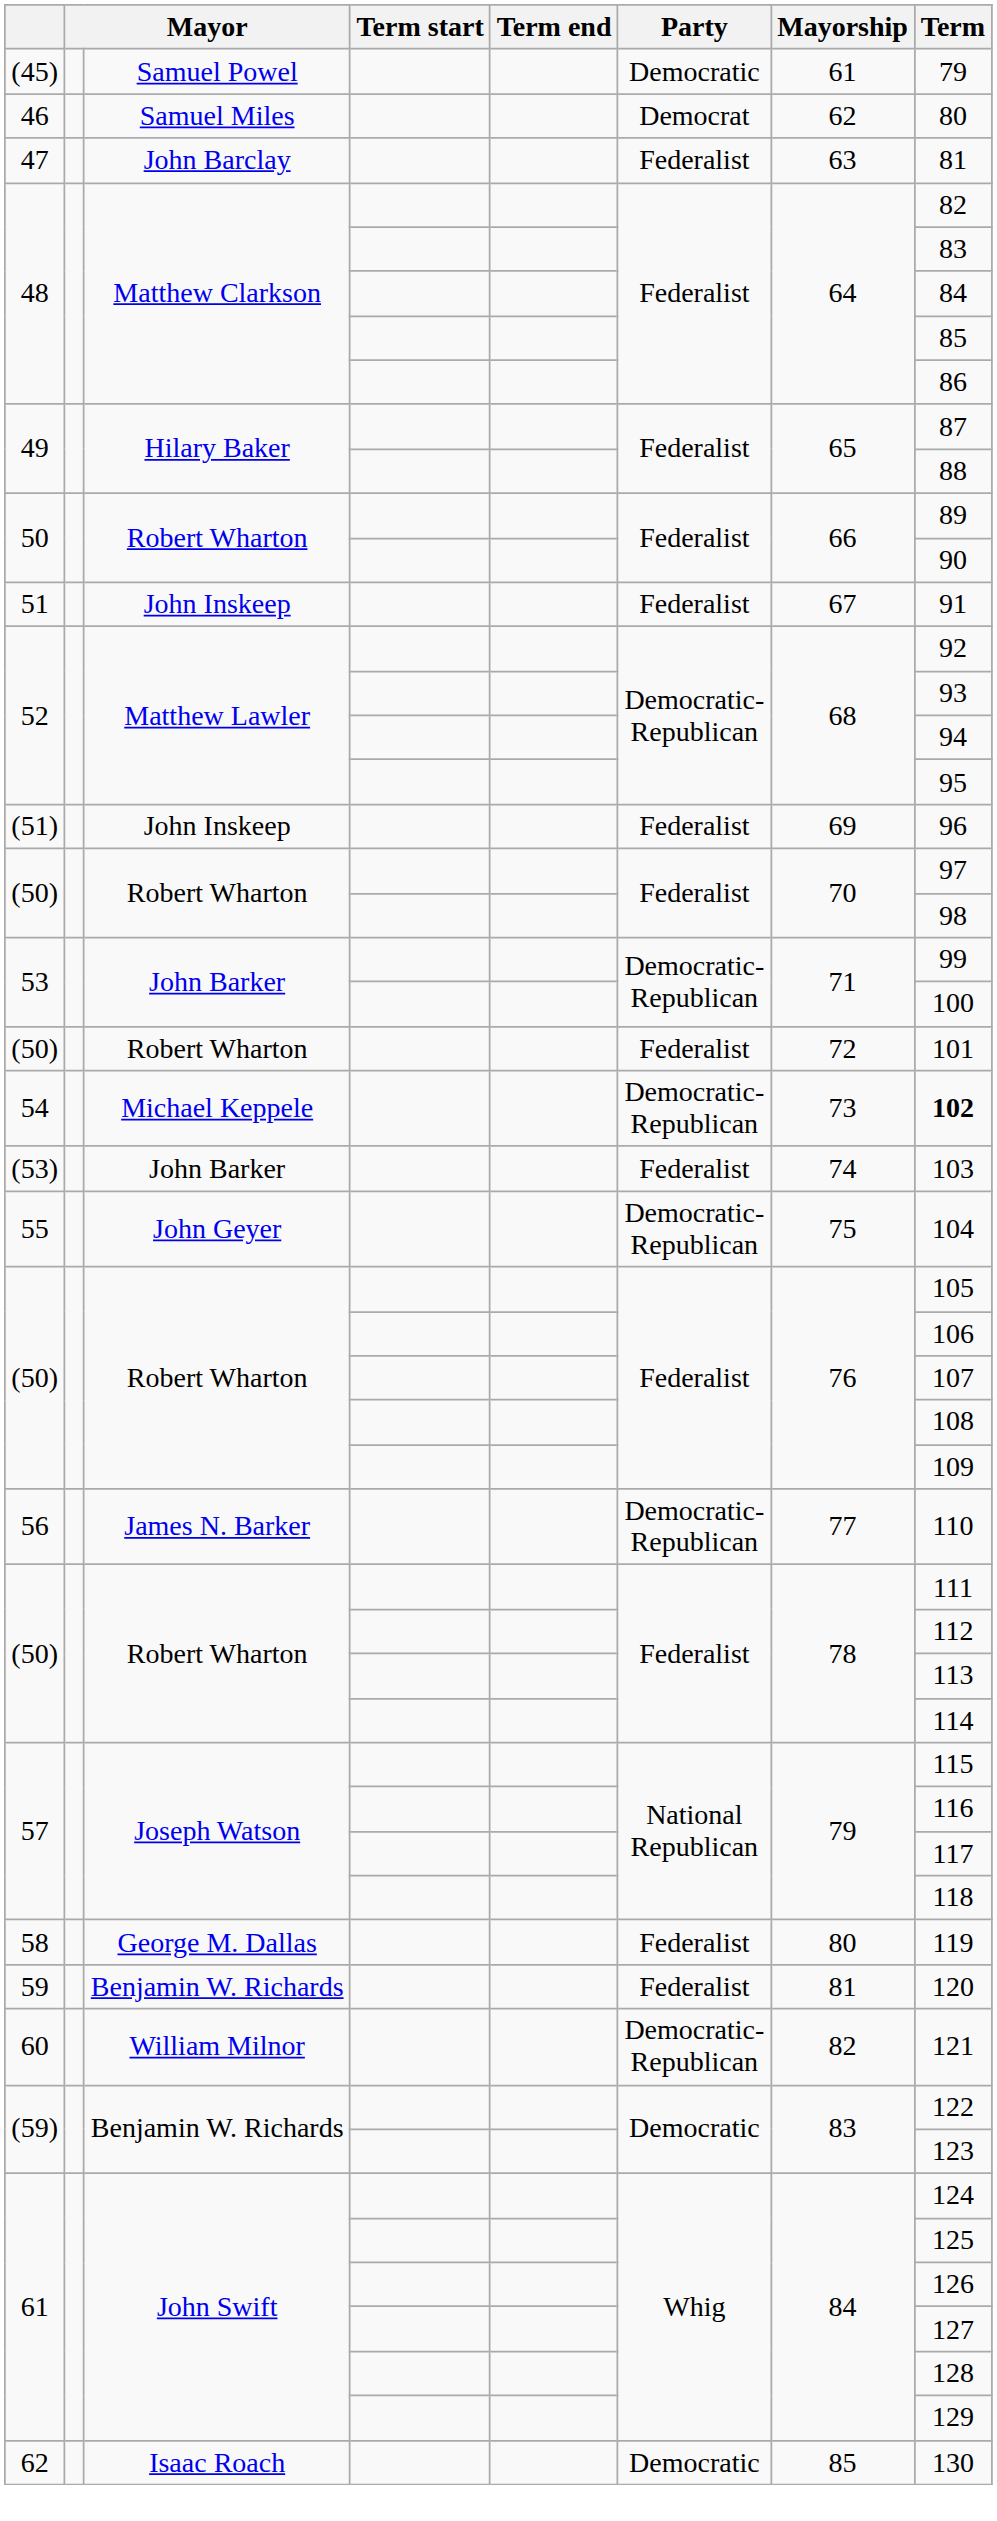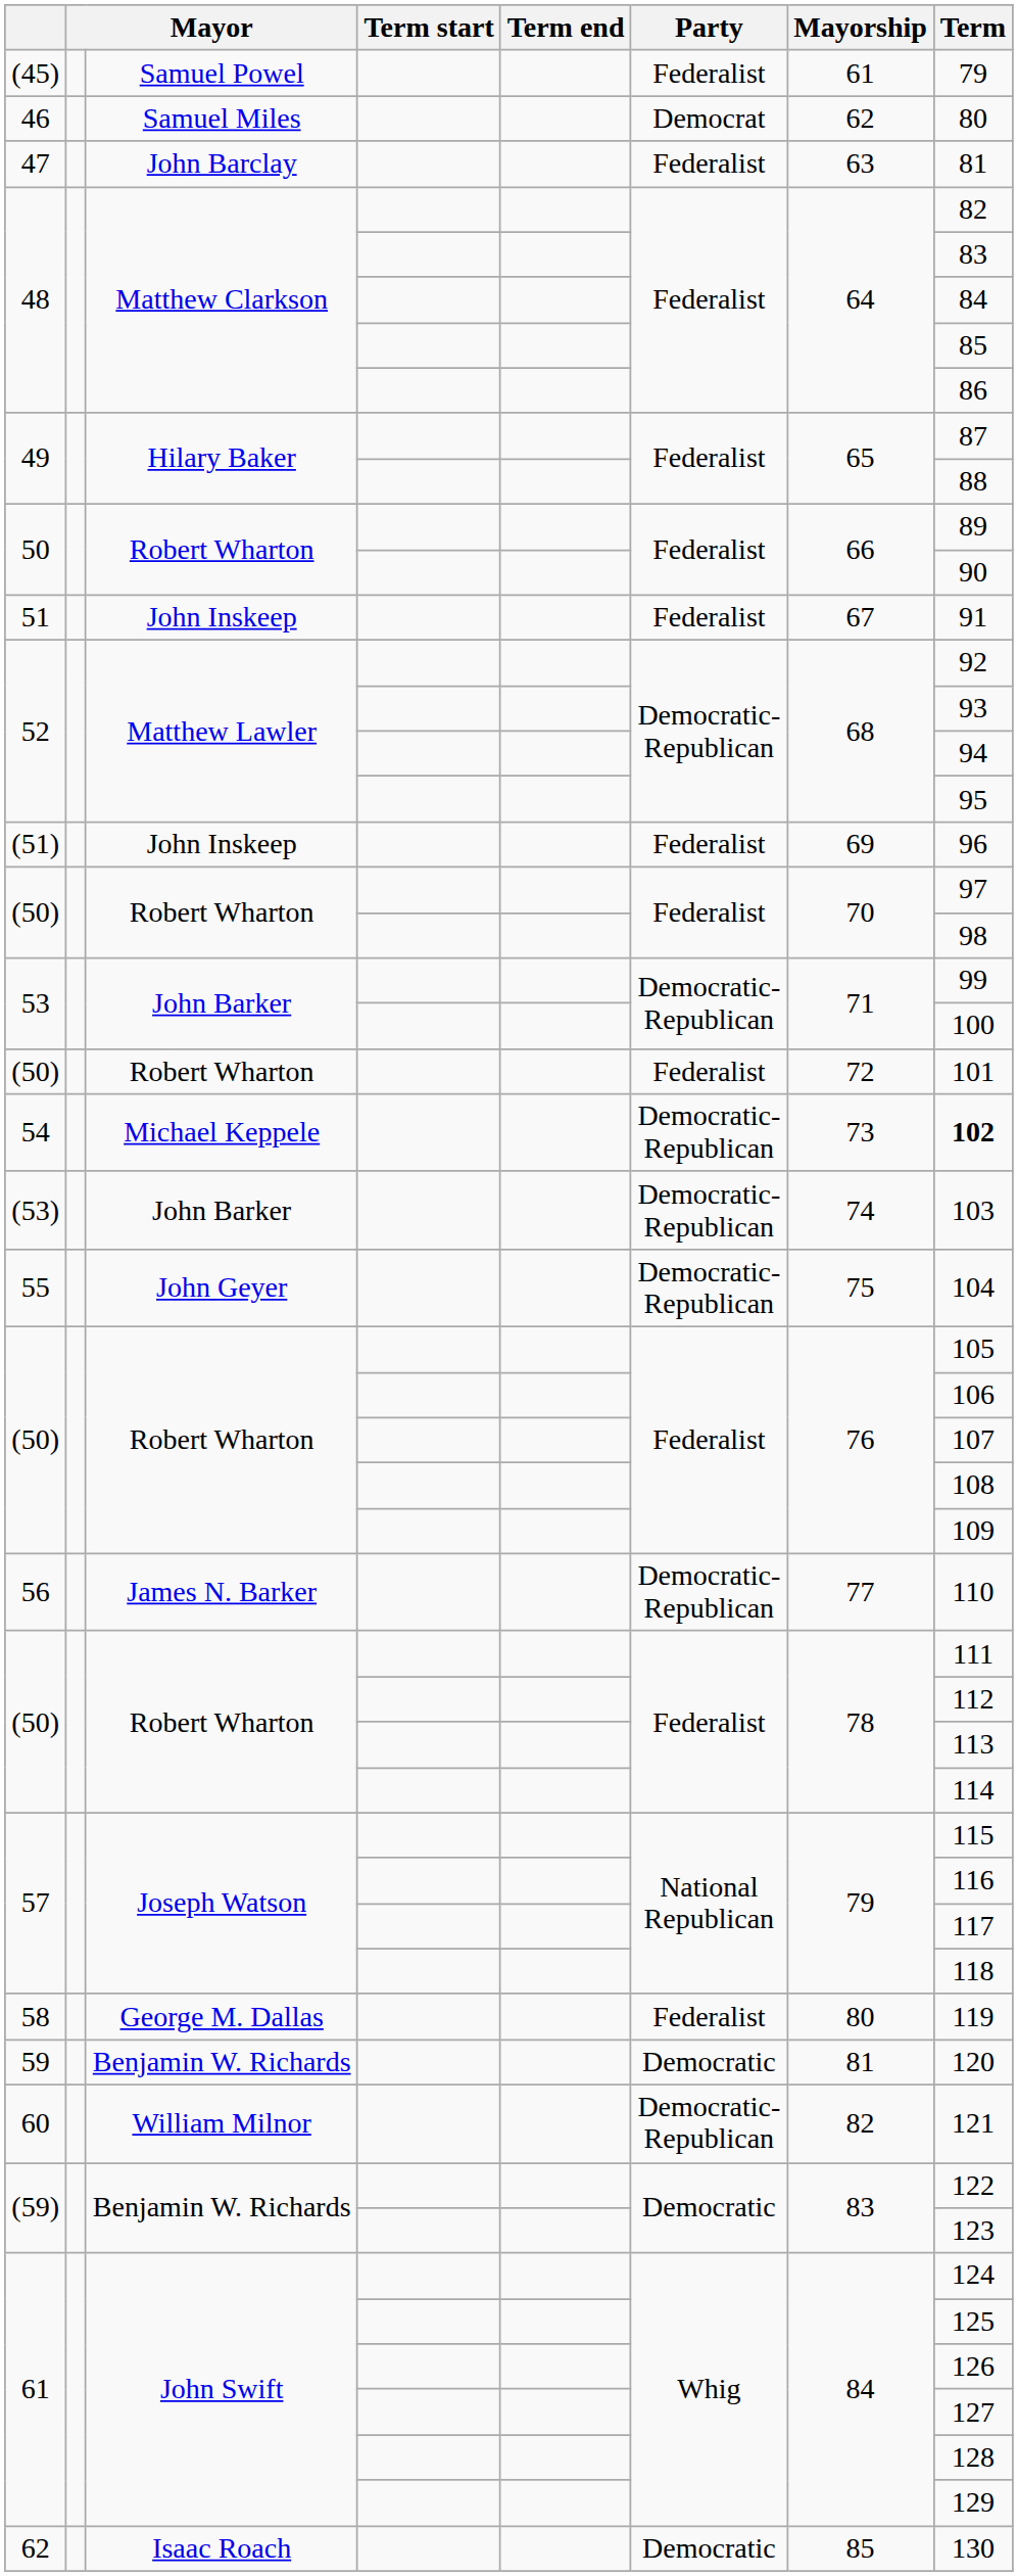 <table class="wikitable" style="text-align: center;">
 <tr>
 <th scope="col"></th>
 <th scope="col" colspan="2">Mayor</th>
 <th scope="col">Term start</th>
 <th scope="col">Term end</th>
 <th scope="col">Party</th>
 <th scope="col">Mayorship</th>
 <th scope="col">Term</th>
 </tr>
 <tr>
 <td>(45)</td>
 <td style="background: "> </td>
 <td><a href='#'>Samuel Powel</a></td>
 <td></td>
 <td></td>
-<td>Democratic</td>
+<td>Federalist</td>
 <td>61</td>
 <td>79</td>
 </tr>
 <tr>
 <td>46</td>
 <td style="background: "> </td>
 <td><a href='#'>Samuel Miles</a></td>
 <td></td>
 <td></td>
 <td>Democrat</td>
 <td>62</td>
 <td>80</td>
 </tr>
 <tr>
 <td>47</td>
 <td style="background: "> </td>
 <td><a href='#'>John Barclay</a></td>
 <td></td>
 <td></td>
 <td>Federalist</td>
 <td>63</td>
 <td>81</td>
 </tr>
 <tr>
 <td rowspan="5">48</td>
 <td rowspan="5" style="background: "> </td>
 <td rowspan="5"><a href='#'>Matthew Clarkson</a></td>
 <td></td>
 <td></td>
 <td rowspan="5">Federalist</td>
 <td rowspan="5">64</td>
 <td>82</td>
 </tr>
 <tr>
 <td></td>
 <td></td>
 <td>83</td>
 </tr>
 <tr>
 <td></td>
 <td></td>
 <td>84</td>
 </tr>
 <tr>
 <td></td>
 <td></td>
 <td>85</td>
 </tr>
 <tr>
 <td></td>
 <td></td>
 <td>86</td>
 </tr>
 <tr>
 <td rowspan="2">49</td>
 <td rowspan="2" style="background: "> </td>
 <td rowspan="2"><a href='#'>Hilary Baker</a></td>
 <td></td>
 <td></td>
 <td rowspan="2">Federalist</td>
 <td rowspan="2">65</td>
 <td>87</td>
 </tr>
 <tr>
 <td></td>
 <td></td>
 <td>88</td>
 </tr>
 <tr>
 <td rowspan="2">50</td>
 <td rowspan="2" style="background: "> </td>
 <td rowspan="2"><a href='#'>Robert Wharton</a></td>
 <td></td>
 <td></td>
 <td rowspan="2">Federalist</td>
 <td rowspan="2">66</td>
 <td>89</td>
 </tr>
 <tr>
 <td></td>
 <td></td>
 <td>90</td>
 </tr>
 <tr>
 <td>51</td>
 <td style="background: "> </td>
 <td><a href='#'>John Inskeep</a></td>
 <td></td>
 <td></td>
 <td>Federalist</td>
 <td>67</td>
 <td>91</td>
 </tr>
 <tr>
 <td rowspan="4">52</td>
 <td rowspan="4" style="background: "> </td>
 <td rowspan="4"><a href='#'>Matthew Lawler</a></td>
 <td></td>
 <td></td>
 <td rowspan="4">Democratic-<br>Republican</td>
 <td rowspan="4">68</td>
 <td>92</td>
 </tr>
 <tr>
 <td></td>
 <td></td>
 <td>93</td>
 </tr>
 <tr>
 <td></td>
 <td></td>
 <td>94</td>
 </tr>
 <tr>
 <td></td>
 <td></td>
 <td>95</td>
 </tr>
 <tr>
 <td>(51)</td>
 <td style="background: "> </td>
 <td>John Inskeep</td>
 <td></td>
 <td></td>
 <td>Federalist</td>
 <td>69</td>
 <td>96</td>
 </tr>
 <tr>
 <td rowspan="2">(50)</td>
 <td rowspan="2" style="background: "> </td>
 <td rowspan="2">Robert Wharton</td>
 <td></td>
 <td></td>
 <td rowspan="2">Federalist</td>
 <td rowspan="2">70</td>
 <td>97</td>
 </tr>
 <tr>
 <td></td>
 <td></td>
 <td>98</td>
 </tr>
 <tr>
 <td rowspan="2">53</td>
 <td rowspan="2" style="background: "> </td>
 <td rowspan="2"><a href='#'>John Barker</a></td>
 <td></td>
 <td></td>
 <td rowspan="2">Democratic-<br>Republican</td>
 <td rowspan="2">71</td>
 <td>99</td>
 </tr>
 <tr>
 <td></td>
 <td></td>
 <td>100</td>
 </tr>
 <tr>
 <td>(50)</td>
 <td style="background: "> </td>
 <td>Robert Wharton</td>
 <td></td>
 <td></td>
 <td>Federalist</td>
 <td>72</td>
 <td>101</td>
 </tr>
 <tr>
 <td>54</td>
 <td style="background: "> </td>
 <td><a href='#'>Michael Keppele</a></td>
 <td></td>
 <td></td>
 <td>Democratic-<br>Republican</td>
 <td>73</td>
 <td><strong>102</strong></td>
 </tr>
 <tr>
 <td>(53)</td>
 <td style="background: "> </td>
 <td>John Barker</td>
 <td></td>
 <td></td>
-<td>Federalist</td>
+<td>Democratic-<br>Republican</td>
 <td>74</td>
 <td>103</td>
 </tr>
 <tr>
 <td>55</td>
 <td style="background: "> </td>
 <td><a href='#'>John Geyer</a></td>
 <td></td>
 <td></td>
 <td>Democratic-<br>Republican</td>
 <td>75</td>
 <td>104</td>
 </tr>
 <tr>
 <td rowspan="5">(50)</td>
 <td rowspan="5" style="background: "> </td>
 <td rowspan="5">Robert Wharton</td>
 <td></td>
 <td></td>
 <td rowspan="5">Federalist</td>
 <td rowspan="5">76</td>
 <td>105</td>
 </tr>
 <tr>
 <td></td>
 <td></td>
 <td>106</td>
 </tr>
 <tr>
 <td></td>
 <td></td>
 <td>107</td>
 </tr>
 <tr>
 <td></td>
 <td></td>
 <td>108</td>
 </tr>
 <tr>
 <td></td>
 <td></td>
 <td>109</td>
 </tr>
 <tr>
 <td>56</td>
 <td style="background: "> </td>
 <td><a href='#'>James N. Barker</a></td>
 <td></td>
 <td></td>
 <td>Democratic-<br>Republican</td>
 <td>77</td>
 <td>110</td>
 </tr>
 <tr>
 <td rowspan="4">(50)</td>
 <td rowspan="4" style="background: "> </td>
 <td rowspan="4">Robert Wharton</td>
 <td></td>
 <td></td>
 <td rowspan="4">Federalist</td>
 <td rowspan="4">78</td>
 <td>111</td>
 </tr>
 <tr>
 <td></td>
 <td></td>
 <td>112</td>
 </tr>
 <tr>
 <td></td>
 <td></td>
 <td>113</td>
 </tr>
 <tr>
 <td></td>
 <td></td>
 <td>114</td>
 </tr>
 <tr>
 <td rowspan="4">57</td>
 <td rowspan="4" style="background: "> </td>
 <td rowspan="4"><a href='#'>Joseph Watson</a></td>
 <td></td>
 <td></td>
 <td rowspan="4">National<br>Republican</td>
 <td rowspan="4">79</td>
 <td>115</td>
 </tr>
 <tr>
 <td></td>
 <td></td>
 <td>116</td>
 </tr>
 <tr>
 <td></td>
 <td></td>
 <td>117</td>
 </tr>
 <tr>
 <td></td>
 <td></td>
 <td>118</td>
 </tr>
 <tr>
 <td>58</td>
 <td style="background: "> </td>
 <td><a href='#'>George M. Dallas</a></td>
 <td></td>
 <td></td>
 <td>Federalist</td>
 <td>80</td>
 <td>119</td>
 </tr>
 <tr>
 <td>59</td>
 <td style="background: "> </td>
 <td><a href='#'>Benjamin W. Richards</a></td>
 <td></td>
 <td></td>
-<td>Federalist</td>
+<td>Democratic</td>
 <td>81</td>
 <td>120</td>
 </tr>
 <tr>
 <td>60</td>
 <td style="background: "> </td>
 <td><a href='#'>William Milnor</a></td>
 <td></td>
 <td></td>
 <td>Democratic-<br>Republican</td>
 <td>82</td>
 <td>121</td>
 </tr>
 <tr>
 <td rowspan="2">(59)</td>
 <td rowspan="2" style="background: "> </td>
 <td rowspan="2">Benjamin W. Richards</td>
 <td></td>
 <td></td>
 <td rowspan="2">Democratic</td>
 <td rowspan="2">83</td>
 <td>122</td>
 </tr>
 <tr>
 <td></td>
 <td></td>
 <td>123</td>
 </tr>
 <tr>
 <td rowspan="6">61</td>
 <td rowspan="6" style="background: "> </td>
 <td rowspan="6"><a href='#'>John Swift</a></td>
 <td></td>
 <td></td>
 <td rowspan="6">Whig</td>
 <td rowspan="6">84</td>
 <td>124</td>
 </tr>
 <tr>
 <td></td>
 <td></td>
 <td>125</td>
 </tr>
 <tr>
 <td></td>
 <td></td>
 <td>126</td>
 </tr>
 <tr>
 <td></td>
 <td></td>
 <td>127</td>
 </tr>
 <tr>
 <td></td>
 <td></td>
 <td>128</td>
 </tr>
 <tr>
 <td></td>
 <td></td>
 <td>129</td>
 </tr>
 <tr>
 <td>62</td>
 <td style="background: "> </td>
 <td><a href='#'>Isaac Roach</a></td>
 <td></td>
 <td></td>
 <td>Democratic</td>
 <td>85</td>
 <td>130</td>
 </tr>
 </table>
